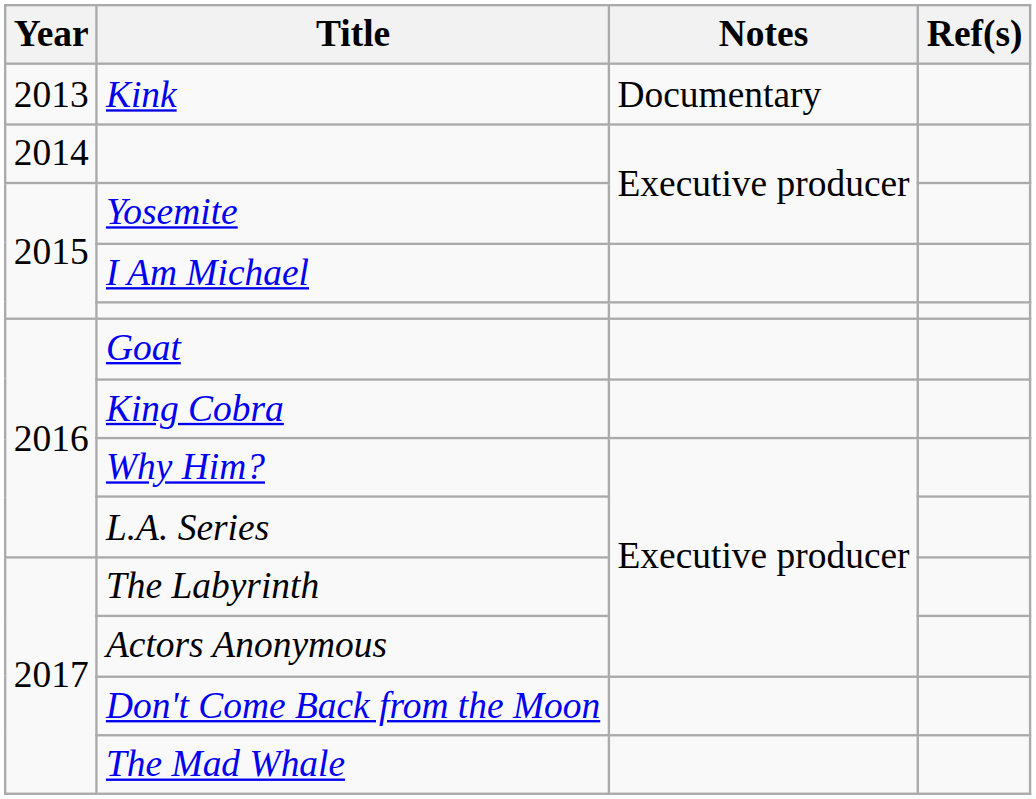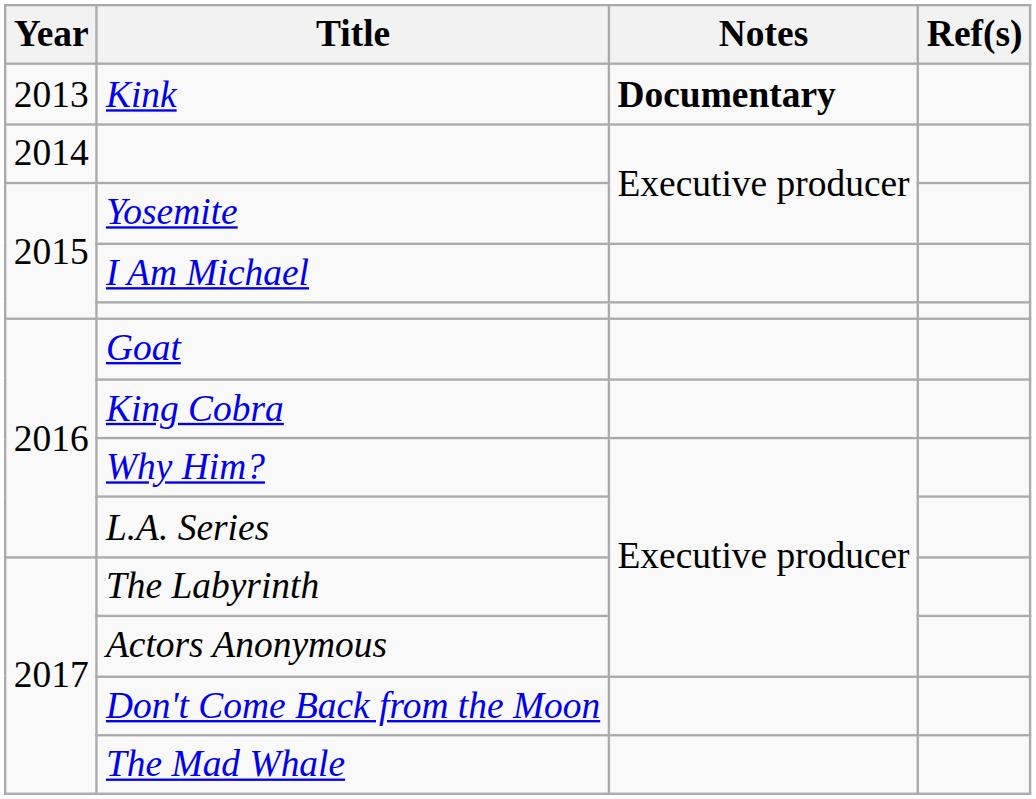 <table class="wikitable sortable">
 <tr>
 <th>Year</th>
 <th>Title</th>
 <th>Notes</th>
 <th>Ref(s)</th>
 </tr>
 <tr>
 <td>2013</td>
 <td scope="row"><em><a href='#'>Kink</a></em></td>
-<td>Documentary</td>
+<td><strong>Documentary</strong></td>
 <td style="text-align:center;"></td>
 </tr>
 <tr>
 <td>2014</td>
 <td scope="row"><em></em></td>
 <td rowspan="2">Executive producer</td>
 <td style="text-align:center;"></td>
 </tr>
 <tr>
 <td rowspan="3">2015</td>
 <td scope="row"><em><a href='#'>Yosemite</a></em></td>
 <td style="text-align:center;"></td>
 </tr>
 <tr>
 <td scope="row"><em><a href='#'>I Am Michael</a></em></td>
 <td></td>
 <td style="text-align:center;"></td>
 </tr>
 <tr>
 <td scope="row"><em></em></td>
 <td></td>
 <td style="text-align:center;"></td>
 </tr>
 <tr>
 <td rowspan="4">2016</td>
 <td scope="row"><em><a href='#'>Goat</a></em></td>
 <td></td>
 <td style="text-align:center;"></td>
 </tr>
 <tr>
 <td scope="row"><a href='#'><em>King Cobra</em></a></td>
 <td></td>
 <td style="text-align:center;"></td>
 </tr>
 <tr>
 <td scope="row"><em><a href='#'>Why Him?</a></em></td>
 <td rowspan="4">Executive producer</td>
 <td style="text-align:center;"></td>
 </tr>
 <tr>
 <td scope="row"><em>L.A. Series</em></td>
 <td style="text-align:center;"></td>
 </tr>
 <tr>
 <td rowspan="4">2017</td>
 <td scope="row"><em>The Labyrinth</em></td>
 <td style="text-align:center;"></td>
 </tr>
 <tr>
 <td scope="row"><em>Actors Anonymous</em></td>
 <td style="text-align:center;"></td>
 </tr>
 <tr>
 <td scope="row"><em><a href='#'>Don't Come Back from the Moon</a></em></td>
 <td></td>
 <td style="text-align:center;"></td>
 </tr>
 <tr>
 <td scope="row"><em><a href='#'>The Mad Whale</a></em></td>
 <td></td>
 <td style="text-align:center;"></td>
 </tr>
 </table>
